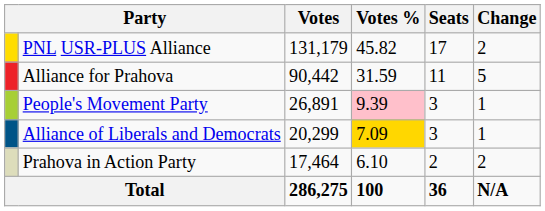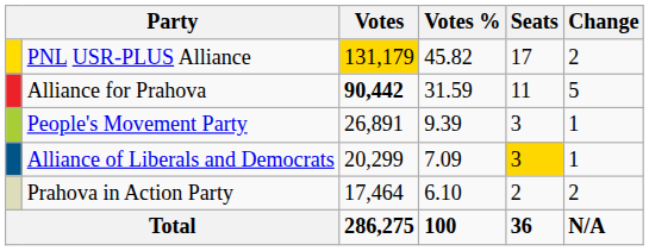 <table class="wikitable">
 <tr>
 <th colspan="2">Party</th>
 <th>Votes</th>
 <th>Votes %</th>
 <th>Seats</th>
 <th>Change</th>
 </tr>
 <tr>
 <td style="background:#ffdd00;" width="5"></td>
 <td><a href='#'>PNL</a> <a href='#'>USR-PLUS</a> Alliance</td>
-<td>131,179</td>
+<td style="background: gold;">131,179</td>
 <td>45.82</td>
 <td>17</td>
 <td>2</td>
 </tr>
 <tr>
 <td style="background:#ed2128;" width="5"></td>
 <td>Alliance for Prahova</td>
-<td>90,442</td>
+<td><strong>90,442</strong></td>
 <td>31.59</td>
 <td>11</td>
 <td>5</td>
 </tr>
 <tr>
 <td style="background:#a7cf35;" width="5"></td>
 <td><a href='#'>People's Movement Party</a></td>
 <td>26,891</td>
-<td style="background: pink;">9.39</td>
+<td>9.39</td>
 <td>3</td>
 <td>1</td>
 </tr>
 <tr>
 <td style="background:#005487;" width="5"></td>
 <td><a href='#'>Alliance of Liberals and Democrats</a></td>
 <td>20,299</td>
-<td style="background: gold;">7.09</td>
-<td>3</td>
+<td>7.09</td>
+<td style="background: gold;">3</td>
 <td>1</td>
 </tr>
 <tr>
 <td style="background:#ddddbb;" width="5"></td>
 <td>Prahova in Action Party</td>
 <td>17,464</td>
 <td>6.10</td>
 <td>2</td>
 <td>2</td>
 </tr>
 <tr>
 <th colspan="2">Total</th>
 <td><strong>286,275</strong></td>
 <td><strong>100</strong></td>
 <td><strong>36</strong></td>
 <td><strong>N/A</strong></td>
 </tr>
 </table>
